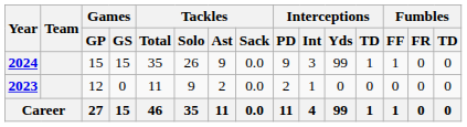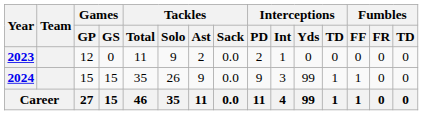 <table class="wikitable" style="text-align:center;">
 <tr>
 <th rowspan="2">Year</th>
 <th rowspan="2">Team</th>
 <th colspan="2">Games</th>
 <th colspan="4">Tackles</th>
 <th colspan="4">Interceptions</th>
 <th colspan="3">Fumbles</th>
 </tr>
 <tr>
 <th>GP</th>
 <th>GS</th>
 <th>Total</th>
 <th>Solo</th>
 <th>Ast</th>
 <th>Sack</th>
 <th>PD</th>
 <th>Int</th>
 <th>Yds</th>
 <th>TD</th>
 <th>FF</th>
 <th>FR</th>
 <th>TD</th>
 </tr>
 <tr>
+<th><a href='#'>2023</a></th>
+<th><a href='#'></a></th>
+<td>12</td>
+<td>0</td>
+<td>11</td>
+<td>9</td>
+<td>2</td>
+<td>0.0</td>
+<td>2</td>
+<td>1</td>
+<td>0</td>
+<td>0</td>
+<td>0</td>
+<td>0</td>
+<td>0</td>
+</tr>
+<tr>
 <th><a href='#'>2024</a></th>
 <th><a href='#'></a></th>
 <td>15</td>
 <td>15</td>
 <td>35</td>
 <td>26</td>
 <td>9</td>
 <td>0.0</td>
 <td>9</td>
 <td>3</td>
 <td>99</td>
 <td>1</td>
 <td>1</td>
-<td>0</td>
-<td>0</td>
-</tr>
-<tr>
-<th><a href='#'>2023</a></th>
-<th><a href='#'></a></th>
-<td>12</td>
-<td>0</td>
-<td>11</td>
-<td>9</td>
-<td>2</td>
-<td>0.0</td>
-<td>2</td>
-<td>1</td>
-<td>0</td>
-<td>0</td>
-<td>0</td>
 <td>0</td>
 <td>0</td>
 </tr>
 <tr>
 <th align=center colspan="2">Career</th>
 <th>27</th>
 <th>15</th>
 <th>46</th>
 <th>35</th>
 <th>11</th>
 <th>0.0</th>
 <th>11</th>
 <th>4</th>
 <th>99</th>
 <th>1</th>
 <th>1</th>
 <th>0</th>
 <th>0</th>
 </tr>
 </table>
